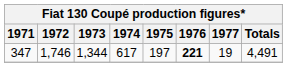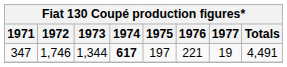 <table class="wikitable" style="text-align:center; font-size:90%;">
 <tr>
 <th colspan=15>Fiat 130 Coupé production figures*</th>
 </tr>
 <tr>
 <th>1971</th>
 <th>1972</th>
 <th>1973</th>
 <th>1974</th>
 <th>1975</th>
 <th>1976</th>
 <th>1977</th>
 <th>Totals</th>
 </tr>
 <tr>
 <td>347</td>
 <td>1,746</td>
 <td>1,344</td>
-<td>617</td>
+<td><strong>617</strong></td>
 <td>197</td>
-<td><strong>221</strong></td>
+<td>221</td>
 <td>19</td>
 <td>4,491</td>
 </tr>
 <tr>
 </tr>
 </table>
